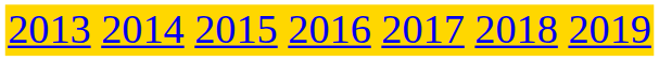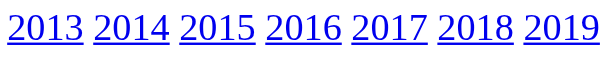 <table id="toc" class="toc" summary="Year">
 <tr>
 <th></th>
 </tr>
 <tr>
-<td align="center" style="background: gold;"><a href='#'>2013</a>  <a href='#'>2014</a>   <a href='#'>2015</a>  <a href='#'>2016</a>  <a href='#'>2017</a>  <a href='#'>2018</a>  <a href='#'>2019</a></td>
+<td align="center"><a href='#'>2013</a>  <a href='#'>2014</a>   <a href='#'>2015</a>  <a href='#'>2016</a>  <a href='#'>2017</a>  <a href='#'>2018</a>  <a href='#'>2019</a></td>
 </tr>
 </table>
